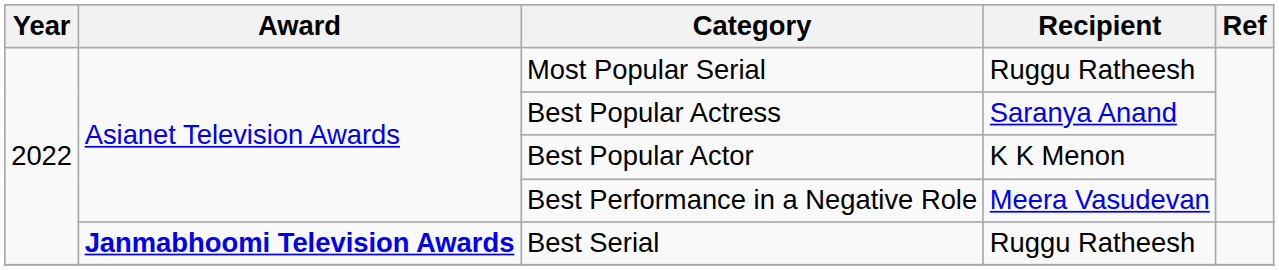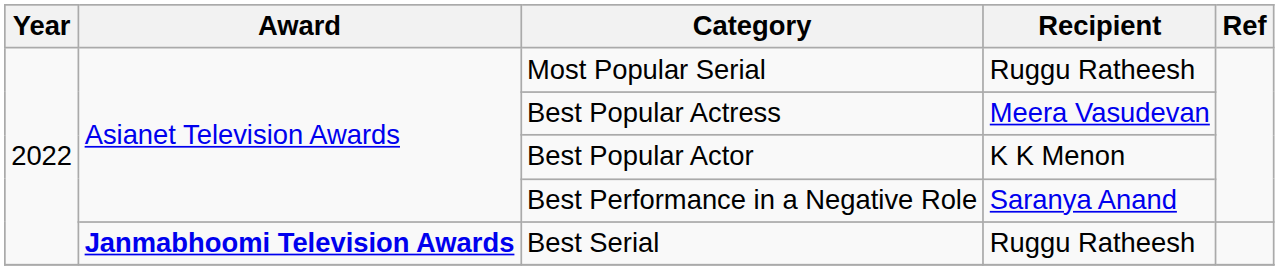 <table class="wikitable">
 <tr>
 <th>Year</th>
 <th>Award</th>
 <th>Category</th>
 <th>Recipient</th>
 <th>Ref</th>
 </tr>
 <tr>
 <td rowspan="5">2022</td>
 <td rowspan="4"><a href='#'>Asianet Television Awards</a></td>
 <td>Most Popular Serial</td>
 <td>Ruggu Ratheesh</td>
 <td rowspan="4"></td>
 </tr>
 <tr>
 <td>Best Popular Actress</td>
-<td><a href='#'>Saranya Anand</a></td>
+<td><a href='#'>Meera Vasudevan</a></td>
 </tr>
 <tr>
 <td>Best Popular Actor</td>
 <td>K K Menon</td>
 </tr>
 <tr>
 <td>Best Performance in a Negative Role</td>
-<td><a href='#'>Meera Vasudevan</a></td>
+<td><a href='#'>Saranya Anand</a></td>
 </tr>
 <tr>
 <td><strong><a href='#'>Janmabhoomi Television Awards</a></strong></td>
 <td>Best Serial</td>
 <td>Ruggu Ratheesh</td>
 <td></td>
 </tr>
 <tr>
 </tr>
 </table>
